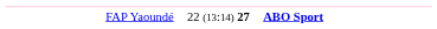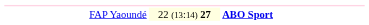 <table style="text-align:center" width=550>
 <tr>
 <th width=30%></th>
 <th width=15%></th>
 <th width=30%></th>
 </tr>
 <tr align="left" bgcolor=#ffd4e4>
 <td colspan=4></td>
 </tr>
 <tr>
 <td align="right"><a href='#'>FAP Yaoundé</a> </td>
-<td>22 <small>(13</small>:<small>14)</small> <strong>27</strong></td>
+<td style="background: lightyellow;">22 <small>(13</small>:<small>14)</small> <strong>27</strong></td>
 <td align=left> <strong><a href='#'>ABO Sport</a></strong></td>
 </tr>
 </table>
